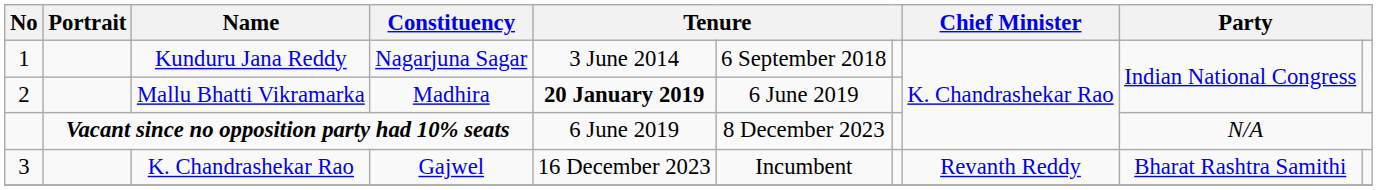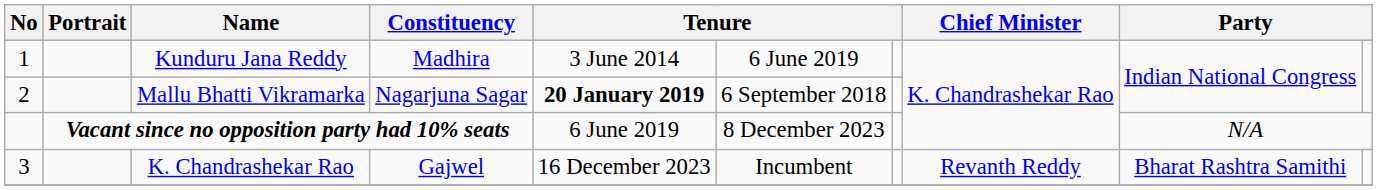 <table class="wikitable" style="text-align:center">
 <tr>
 <th>No</th>
 <th>Portrait</th>
 <th>Name</th>
 <th><a href='#'>Constituency</a></th>
 <th colspan="3">Tenure</th>
 <th><a href='#'>Chief Minister</a></th>
 <th colspan="2">Party</th>
 </tr>
 <tr>
 <td>1</td>
 <td></td>
 <td><a href='#'>Kunduru Jana Reddy</a></td>
-<td><a href='#'>Nagarjuna Sagar</a></td>
+<td><a href='#'>Madhira</a></td>
 <td>3 June 2014</td>
-<td>6 September 2018</td>
+<td>6 June 2019</td>
 <td></td>
 <td rowspan="3"><a href='#'>K. Chandrashekar Rao</a></td>
 <td rowspan="2"><a href='#'>Indian National Congress</a></td>
 <td rowspan=2></td>
 </tr>
 <tr>
 <td>2</td>
 <td></td>
 <td><a href='#'>Mallu Bhatti Vikramarka</a></td>
-<td><a href='#'>Madhira</a></td>
+<td><a href='#'>Nagarjuna Sagar</a></td>
 <td><strong>20 January 2019</strong></td>
-<td>6 June 2019</td>
+<td>6 September 2018</td>
 <td></td>
 </tr>
 <tr>
 <td></td>
 <td colspan="3"><strong><em>Vacant since no opposition party had 10% seats</em></strong> </td>
 <td>6 June 2019</td>
 <td>8 December 2023</td>
 <td></td>
 <td colspan="2"><em>N/A</em></td>
 </tr>
 <tr>
 <td>3</td>
 <td></td>
 <td><a href='#'>K. Chandrashekar Rao</a></td>
 <td><a href='#'>Gajwel</a></td>
 <td>16 December 2023</td>
 <td>Incumbent</td>
 <td></td>
 <td><a href='#'>Revanth Reddy</a></td>
 <td><a href='#'>Bharat Rashtra Samithi</a></td>
 <td></td>
 </tr>
 <tr>
 </tr>
 </table>
